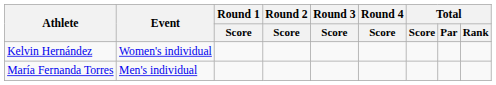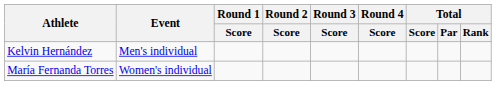 <table class=wikitable style=font-size:90%;text-align:center>
 <tr>
 <th rowspan=2>Athlete</th>
 <th rowspan=2>Event</th>
 <th>Round 1</th>
 <th>Round 2</th>
 <th>Round 3</th>
 <th>Round 4</th>
 <th colspan=3>Total</th>
 </tr>
 <tr style=font-size:95%>
 <th>Score</th>
 <th>Score</th>
 <th>Score</th>
 <th>Score</th>
 <th>Score</th>
 <th>Par</th>
 <th>Rank</th>
 </tr>
 <tr>
 <td align=left><a href='#'>Kelvin Hernández</a></td>
-<td align=left><a href='#'>Women's individual</a></td>
+<td align=left><a href='#'>Men's individual</a></td>
 <td></td>
 <td></td>
 <td></td>
 <td></td>
 <td></td>
 <td></td>
 <td></td>
 </tr>
 <tr>
 <td align=left><a href='#'>María Fernanda Torres</a></td>
-<td align=left><a href='#'>Men's individual</a></td>
+<td align=left><a href='#'>Women's individual</a></td>
 <td></td>
 <td></td>
 <td></td>
 <td></td>
 <td></td>
 <td></td>
 <td></td>
 </tr>
 </table>
